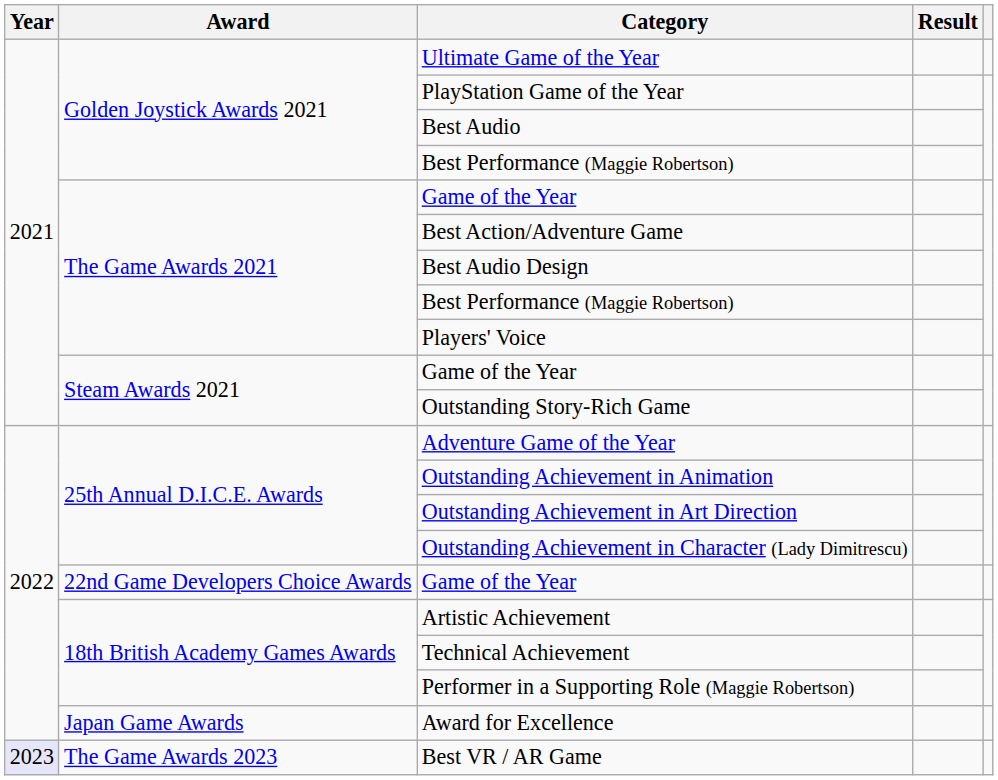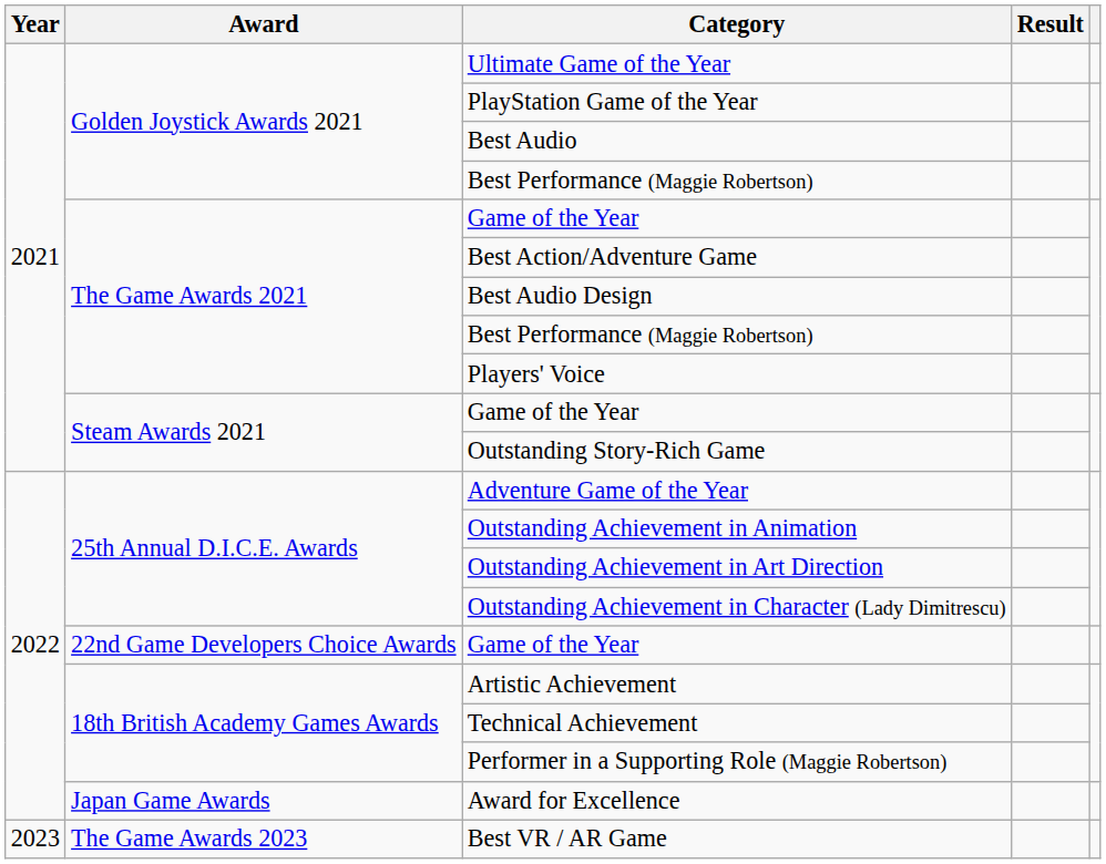 <table class="wikitable sortable">
 <tr>
 <th>Year</th>
 <th>Award</th>
 <th>Category</th>
 <th>Result</th>
 <th class="unsortable"></th>
 </tr>
 <tr>
 <td rowspan="11" style="text-align:center;">2021</td>
 <td rowspan="4"><a href='#'>Golden Joystick Awards</a> 2021</td>
 <td><a href='#'>Ultimate Game of the Year</a></td>
 <td></td>
 <td rowspan="1" style="text-align:center;"></td>
 </tr>
 <tr>
 <td>PlayStation Game of the Year</td>
 <td></td>
 <td rowspan="3" style="text-align:center;"></td>
 </tr>
 <tr>
 <td>Best Audio</td>
 <td></td>
 </tr>
 <tr>
 <td>Best Performance <small> (Maggie Robertson) </small></td>
 <td></td>
 </tr>
 <tr>
 <td rowspan="5"><a href='#'>The Game Awards 2021</a></td>
 <td><a href='#'>Game of the Year</a></td>
 <td></td>
 <td rowspan="5" style="text-align:center;"></td>
 </tr>
 <tr>
 <td>Best Action/Adventure Game</td>
 <td></td>
 </tr>
 <tr>
 <td>Best Audio Design</td>
 <td></td>
 </tr>
 <tr>
 <td>Best Performance <small> (Maggie Robertson) </small></td>
 <td></td>
 </tr>
 <tr>
 <td>Players' Voice</td>
 <td></td>
 </tr>
 <tr>
 <td rowspan="2"><a href='#'>Steam Awards</a> 2021</td>
 <td>Game of the Year</td>
 <td></td>
 <td rowspan="2" style="text-align:center;"></td>
 </tr>
 <tr>
 <td>Outstanding Story-Rich Game</td>
 <td></td>
 </tr>
 <tr>
 <td rowspan="9" style="text-align:center;">2022</td>
 <td rowspan="4"><a href='#'>25th Annual D.I.C.E. Awards</a></td>
 <td><a href='#'>Adventure Game of the Year</a></td>
 <td></td>
 <td rowspan="4" style="text-align:center;"></td>
 </tr>
 <tr>
 <td><a href='#'>Outstanding Achievement in Animation</a></td>
 <td></td>
 </tr>
 <tr>
 <td><a href='#'>Outstanding Achievement in Art Direction</a></td>
 <td></td>
 </tr>
 <tr>
 <td><a href='#'>Outstanding Achievement in Character</a> <small>(Lady Dimitrescu)</small></td>
 <td></td>
 </tr>
 <tr>
 <td><a href='#'>22nd Game Developers Choice Awards</a></td>
 <td><a href='#'>Game of the Year</a></td>
 <td></td>
 <td style="text-align:center;"></td>
 </tr>
 <tr>
 <td rowspan="3"><a href='#'>18th British Academy Games Awards</a></td>
 <td>Artistic Achievement</td>
 <td></td>
 <td rowspan="3" style="text-align:center;"></td>
 </tr>
 <tr>
 <td>Technical Achievement</td>
 <td></td>
 </tr>
 <tr>
 <td>Performer in a Supporting Role <small>(Maggie Robertson)</small></td>
 <td></td>
 </tr>
 <tr>
 <td><a href='#'>Japan Game Awards</a></td>
 <td>Award for Excellence</td>
 <td></td>
 <td style="text-align:center;"></td>
 </tr>
 <tr>
-<td style="background: lavender; text-align:center;">2023</td>
+<td style="text-align:center;">2023</td>
 <td><a href='#'>The Game Awards 2023</a></td>
 <td>Best VR / AR Game</td>
 <td></td>
 <td style="text-align:center;"></td>
 </tr>
 </table>
